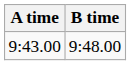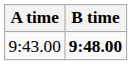 <table class="wikitable" border="1" align="upright">
 <tr>
 <th>A time</th>
 <th>B time</th>
 </tr>
 <tr>
 <td>9:43.00</td>
-<td>9:48.00</td>
+<td><strong>9:48.00</strong></td>
 </tr>
 </table>
